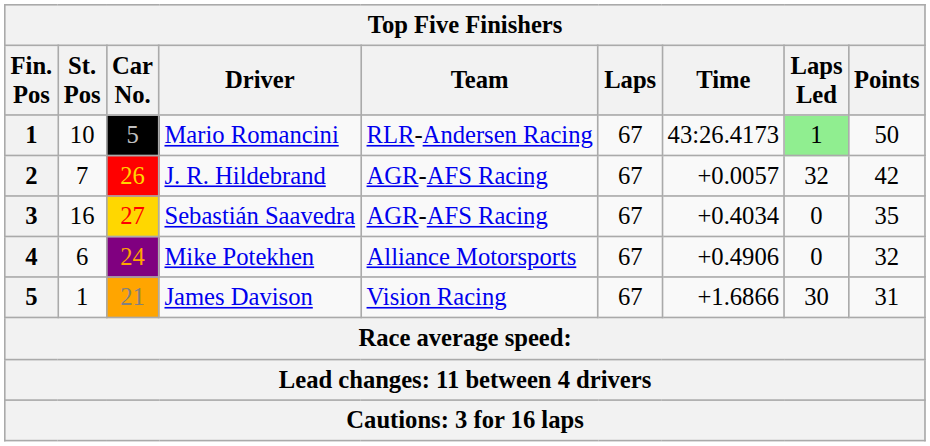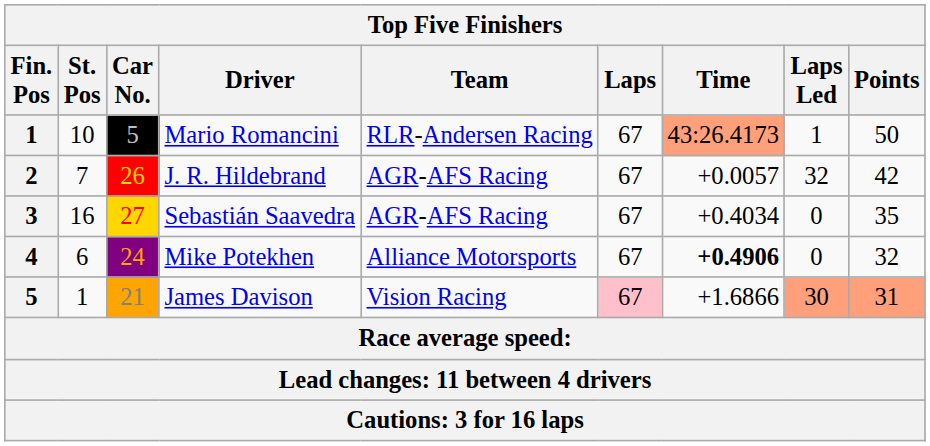 <table class="wikitable" style="font-size:95%;">
 <tr>
 <th colspan=9>Top Five Finishers</th>
 </tr>
 <tr>
 <th>Fin.<br>Pos</th>
 <th>St.<br>Pos</th>
 <th>Car<br>No.</th>
 <th>Driver</th>
 <th>Team</th>
 <th>Laps</th>
 <th>Time</th>
 <th>Laps<br>Led</th>
 <th>Points</th>
 </tr>
 <tr>
 <th>1</th>
 <td align=center>10</td>
 <td style="background:black; color:silver;" align=center>5</td>
 <td> <a href='#'>Mario Romancini</a></td>
 <td><a href='#'>RLR</a>-<a href='#'>Andersen Racing</a></td>
 <td align=center>67</td>
-<td align=right>43:26.4173</td>
-<td align=center style="background: lightgreen;">1</td>
+<td align=right style="background: lightsalmon;">43:26.4173</td>
+<td align=center>1</td>
 <td align=center>50</td>
 </tr>
 <tr>
 <th>2</th>
 <td align=center>7</td>
 <td style="background:red; color:gold;" align=center>26</td>
 <td> <a href='#'>J. R. Hildebrand</a></td>
 <td><a href='#'>AGR</a>-<a href='#'>AFS Racing</a></td>
 <td align=center>67</td>
 <td align=right>+0.0057</td>
 <td align=center>32</td>
 <td align=center>42</td>
 </tr>
 <tr>
 <th>3</th>
 <td align=center>16</td>
 <td style="background:gold; color:red;" align=center>27</td>
 <td> <a href='#'>Sebastián Saavedra</a></td>
 <td><a href='#'>AGR</a>-<a href='#'>AFS Racing</a></td>
 <td align=center>67</td>
 <td align=right>+0.4034</td>
 <td align=center>0</td>
 <td align=center>35</td>
 </tr>
 <tr>
 <th>4</th>
 <td align=center>6</td>
 <td style="background:purple; color:orange;" align=center>24</td>
 <td> <a href='#'>Mike Potekhen</a></td>
 <td><a href='#'>Alliance Motorsports</a></td>
 <td align=center>67</td>
-<td align=right>+0.4906</td>
+<td align=right><strong>+0.4906</strong></td>
 <td align=center>0</td>
 <td align=center>32</td>
 </tr>
 <tr>
 <th>5</th>
 <td align=center>1</td>
 <td style="background:orange; color:grey;" align=center>21</td>
 <td> <a href='#'>James Davison</a></td>
 <td><a href='#'>Vision Racing</a></td>
-<td align=center>67</td>
+<td align=center style="background: pink;">67</td>
 <td align=right>+1.6866</td>
-<td align=center>30</td>
-<td align=center>31</td>
+<td align=center style="background: lightsalmon;">30</td>
+<td align=center style="background: lightsalmon;">31</td>
 </tr>
 <tr>
 <th colspan=9>Race average speed: </th>
 </tr>
 <tr>
 <th colspan=9>Lead changes: 11 between 4 drivers</th>
 </tr>
 <tr>
 <th colspan=9>Cautions: 3 for 16 laps</th>
 </tr>
 </table>
